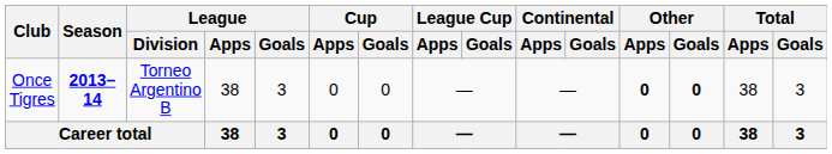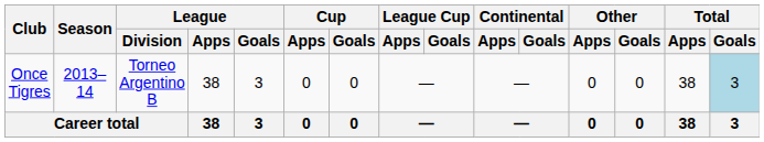 <table class="wikitable" style="text-align:center">
 <tr>
 <th rowspan="2">Club</th>
 <th rowspan="2">Season</th>
 <th colspan="3">League</th>
 <th colspan="2">Cup</th>
 <th colspan="2">League Cup</th>
 <th colspan="2">Continental</th>
 <th colspan="2">Other</th>
 <th colspan="2">Total</th>
 </tr>
 <tr>
 <th>Division</th>
 <th>Apps</th>
 <th>Goals</th>
 <th>Apps</th>
 <th>Goals</th>
 <th>Apps</th>
 <th>Goals</th>
 <th>Apps</th>
 <th>Goals</th>
 <th>Apps</th>
 <th>Goals</th>
 <th>Apps</th>
 <th>Goals</th>
 </tr>
 <tr>
 <td rowspan="1"><a href='#'>Once Tigres</a></td>
-<td><strong><a href='#'>2013–14</a></strong></td>
+<td><a href='#'>2013–14</a></td>
 <td rowspan="1"><a href='#'>Torneo Argentino B</a></td>
 <td>38</td>
 <td>3</td>
 <td>0</td>
 <td>0</td>
 <td colspan="2">—</td>
 <td colspan="2">—</td>
-<td><strong>0</strong></td>
-<td><strong>0</strong></td>
+<td>0</td>
+<td>0</td>
 <td>38</td>
-<td>3</td>
+<td style="background: lightblue;">3</td>
 </tr>
 <tr>
 <th colspan="3">Career total</th>
 <th>38</th>
 <th>3</th>
 <th>0</th>
 <th>0</th>
 <th colspan="2">—</th>
 <th colspan="2">—</th>
 <th>0</th>
 <th>0</th>
 <th>38</th>
 <th>3</th>
 </tr>
 </table>
